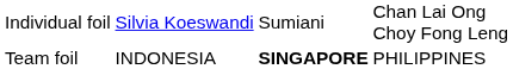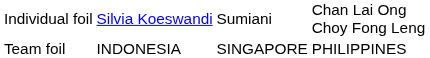 <table>
 <tr>
 <td>Individual foil</td>
 <td> <a href='#'>Silvia Koeswandi</a></td>
 <td> Sumiani</td>
 <td> Chan Lai Ong<br> Choy Fong Leng</td>
 </tr>
 <tr>
 <td>Team foil</td>
 <td> INDONESIA</td>
-<td><strong> SINGAPORE</strong></td>
+<td> SINGAPORE</td>
 <td> PHILIPPINES</td>
 </tr>
 </table>
